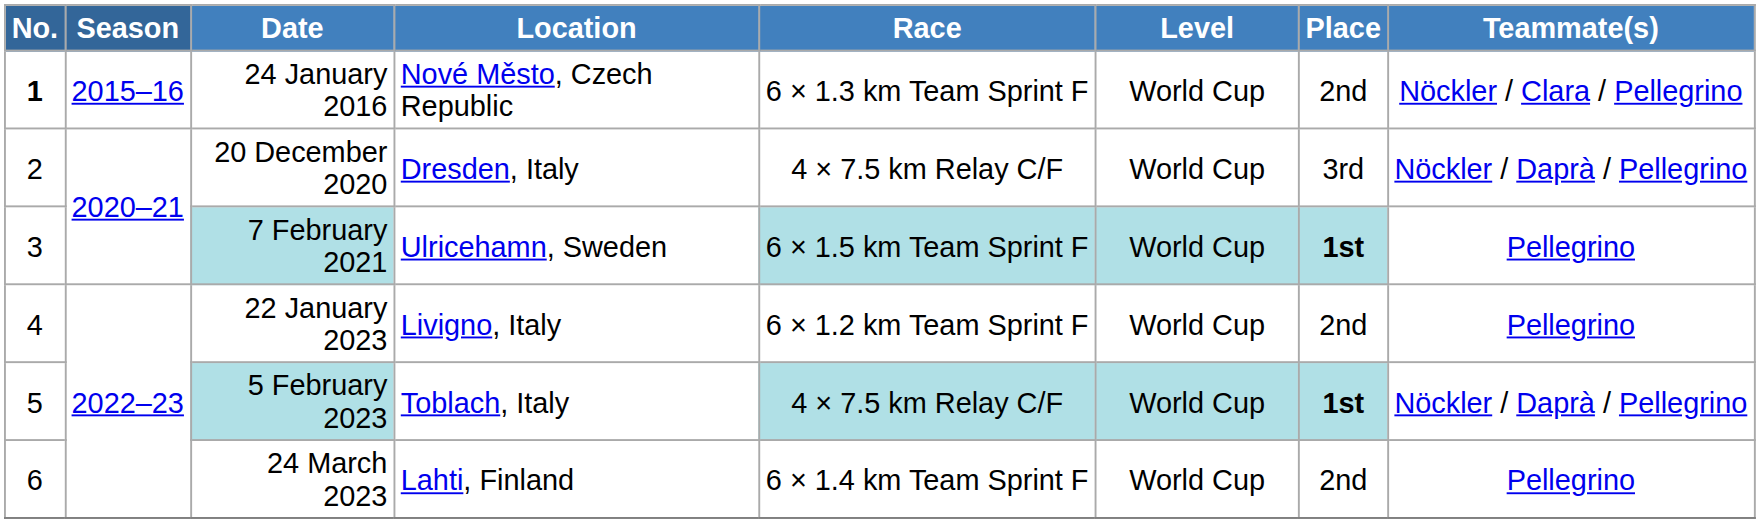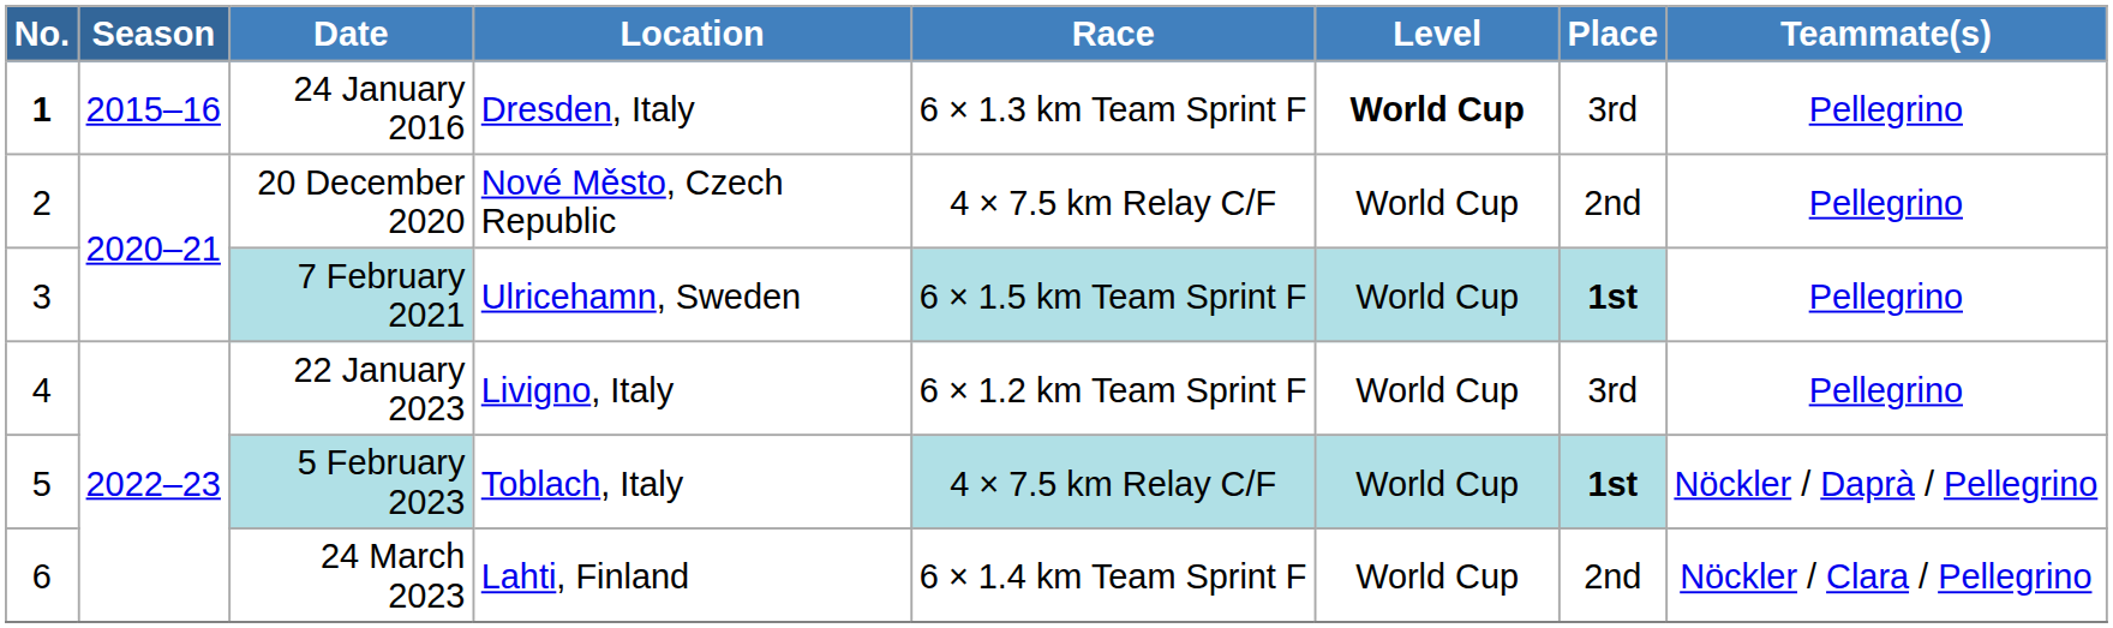 <table class="wikitable sortable" style="font-size:95%; text-align:center; border:grey solid 1px; border-collapse:collapse; background:#ffffff;">
 <tr style="background:#efefef;">
 <th style="background-color:#369; color:white;">No.</th>
 <th style="background-color:#369; color:white;">Season</th>
 <th style="background-color:#4180be; color:white; width:100px;">Date</th>
 <th style="background-color:#4180be; color:white; width:185px;">Location</th>
 <th style="background-color:#4180be; color:white; width:170px;">Race</th>
 <th style="background-color:#4180be; color:white; width:100px;">Level</th>
 <th style="background-color:#4180be; color:white;">Place</th>
 <th style="background-color:#4180be; color:white;">Teammate(s)</th>
 </tr>
 <tr>
 <td align=center><strong>1</strong></td>
 <td rowspan=1 align=center><a href='#'>2015–16</a></td>
 <td align=right>24 January 2016</td>
-<td align=left> <a href='#'>Nové Město</a>, Czech Republic</td>
+<td align=left> <a href='#'>Dresden</a>, Italy</td>
 <td>6 × 1.3 km Team Sprint F</td>
-<td>World Cup</td>
-<td>2nd</td>
-<td><a href='#'>Nöckler</a> / <a href='#'>Clara</a> / <a href='#'>Pellegrino</a></td>
+<td><strong>World Cup</strong></td>
+<td>3rd</td>
+<td><a href='#'>Pellegrino</a></td>
 </tr>
 <tr>
 <td align=center>2</td>
 <td rowspan=2 align=center><a href='#'>2020–21</a></td>
 <td align=right>20 December 2020</td>
-<td align=left> <a href='#'>Dresden</a>, Italy</td>
+<td align=left> <a href='#'>Nové Město</a>, Czech Republic</td>
 <td>4 × 7.5 km Relay C/F</td>
 <td>World Cup</td>
-<td>3rd</td>
-<td><a href='#'>Nöckler</a> / <a href='#'>Daprà</a> / <a href='#'>Pellegrino</a></td>
+<td>2nd</td>
+<td><a href='#'>Pellegrino</a></td>
 </tr>
 <tr>
 <td align=center>3</td>
 <td bgcolor="#BOEOE6" align=right>7 February 2021</td>
 <td align=left> <a href='#'>Ulricehamn</a>, Sweden</td>
 <td bgcolor="#BOEOE6">6 × 1.5 km Team Sprint F</td>
 <td bgcolor="#BOEOE6">World Cup</td>
 <td bgcolor="#BOEOE6"><strong>1st</strong></td>
 <td><a href='#'>Pellegrino</a></td>
 </tr>
 <tr>
 <td align=center>4</td>
 <td rowspan=3 align=center><a href='#'>2022–23</a></td>
 <td align=right>22 January 2023</td>
 <td align=left> <a href='#'>Livigno</a>, Italy</td>
 <td>6 × 1.2 km Team Sprint F</td>
 <td>World Cup</td>
-<td>2nd</td>
+<td>3rd</td>
 <td><a href='#'>Pellegrino</a></td>
 </tr>
 <tr>
 <td align=center>5</td>
 <td bgcolor="#BOEOE6" align=right>5 February 2023</td>
 <td align=left> <a href='#'>Toblach</a>, Italy</td>
 <td bgcolor="#BOEOE6">4 × 7.5 km Relay C/F</td>
 <td bgcolor="#BOEOE6">World Cup</td>
 <td bgcolor="#BOEOE6"><strong>1st</strong></td>
 <td><a href='#'>Nöckler</a> / <a href='#'>Daprà</a> / <a href='#'>Pellegrino</a></td>
 </tr>
 <tr>
 <td align=center>6</td>
 <td align=right>24 March 2023</td>
 <td align=left> <a href='#'>Lahti</a>, Finland</td>
 <td>6 × 1.4 km Team Sprint F</td>
 <td>World Cup</td>
 <td>2nd</td>
-<td><a href='#'>Pellegrino</a></td>
+<td><a href='#'>Nöckler</a> / <a href='#'>Clara</a> / <a href='#'>Pellegrino</a></td>
 </tr>
 <tr>
 </tr>
 </table>
